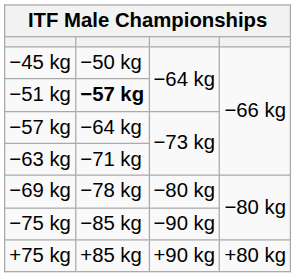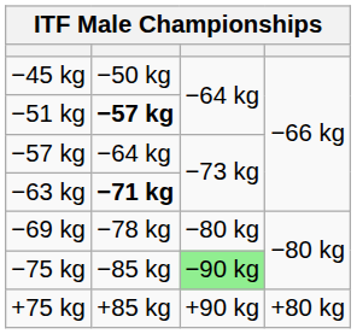 <table class="wikitable" style="float:left; margin-right:1.4em;">
 <tr>
 <th colspan=4>ITF Male Championships</th>
 </tr>
 <tr>
 <th></th>
 <th></th>
 <th></th>
 <th></th>
 </tr>
 <tr>
 <td>−45 kg</td>
 <td>−50 kg</td>
 <td rowspan=2>−64 kg</td>
 <td rowspan=4>−66 kg</td>
 </tr>
 <tr>
 <td>−51 kg</td>
 <td><strong>−57 kg</strong></td>
 </tr>
 <tr>
 <td>−57 kg</td>
 <td>−64 kg</td>
 <td rowspan=2>−73 kg</td>
 </tr>
 <tr>
 <td>−63 kg</td>
-<td>−71 kg</td>
+<td><strong>−71 kg</strong></td>
 </tr>
 <tr>
 <td>−69 kg</td>
 <td>−78 kg</td>
 <td>−80 kg</td>
 <td rowspan=2>−80 kg</td>
 </tr>
 <tr>
 <td>−75 kg</td>
 <td>−85 kg</td>
-<td>−90 kg</td>
+<td style="background: lightgreen;">−90 kg</td>
 </tr>
 <tr>
 <td>+75 kg</td>
 <td>+85 kg</td>
 <td>+90 kg</td>
 <td>+80 kg</td>
 </tr>
 </table>
